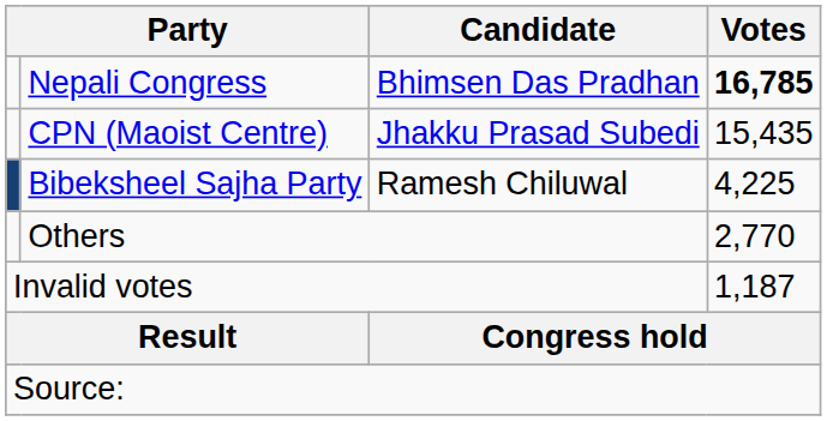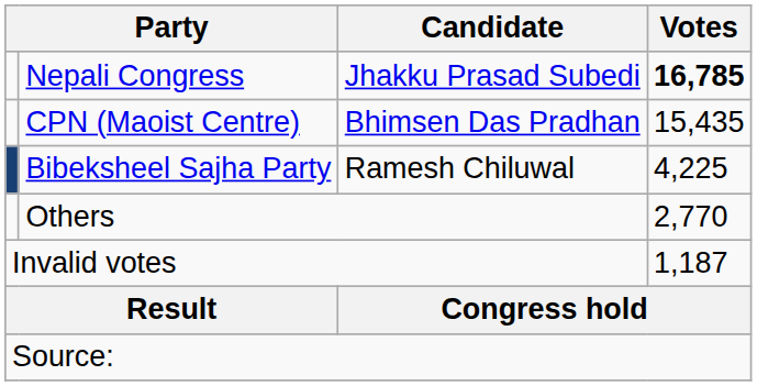 <table class="wikitable">
 <tr>
 <th colspan="2">Party</th>
 <th>Candidate</th>
 <th>Votes</th>
 </tr>
 <tr>
 <td style="background-color:"></td>
 <td><a href='#'>Nepali Congress</a></td>
-<td><a href='#'>Bhimsen Das Pradhan</a></td>
+<td><a href='#'>Jhakku Prasad Subedi</a></td>
 <td><strong>16,785</strong></td>
 </tr>
 <tr>
 <td style="background-color:"></td>
 <td><a href='#'>CPN (Maoist Centre)</a></td>
-<td><a href='#'>Jhakku Prasad Subedi</a></td>
+<td><a href='#'>Bhimsen Das Pradhan</a></td>
 <td>15,435</td>
 </tr>
 <tr>
 <td style="background-color:#183F73"></td>
 <td><a href='#'>Bibeksheel Sajha Party</a></td>
 <td>Ramesh Chiluwal</td>
 <td>4,225</td>
 </tr>
 <tr>
 <td></td>
 <td colspan="2">Others</td>
 <td>2,770</td>
 </tr>
 <tr>
 <td colspan="3">Invalid votes</td>
 <td>1,187</td>
 </tr>
 <tr>
 <th colspan="2">Result</th>
 <th colspan="2">Congress hold</th>
 </tr>
 <tr>
 <td colspan="4">Source: </td>
 </tr>
 </table>
